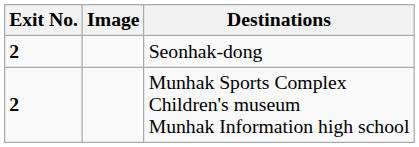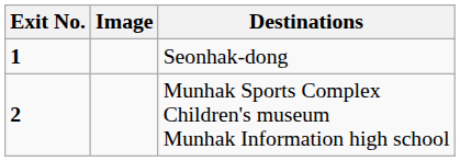 <table class="wikitable">
 <tr>
 <th>Exit No.</th>
 <th>Image</th>
 <th>Destinations</th>
 </tr>
 <tr>
-<td><span><strong>2</strong></span></td>
+<td><span><strong>1</strong></span></td>
 <td></td>
 <td>Seonhak-dong</td>
 </tr>
 <tr>
 <td><span><strong>2</strong></span></td>
 <td></td>
 <td>Munhak Sports Complex<br>Children's museum<br>Munhak Information high school</td>
 </tr>
 </table>
